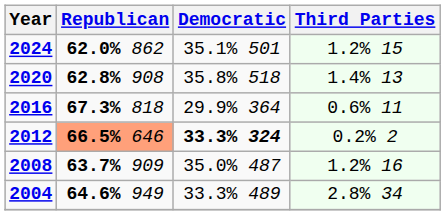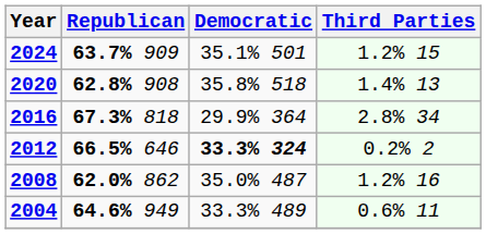 <table class="wikitable" style="float:right; font-size:95%;">
 <tr>
 <th>Year</th>
 <th><a href='#'>Republican</a></th>
 <th><a href='#'>Democratic</a></th>
 <th><a href='#'>Third Parties</a></th>
 </tr>
 <tr>
 <td style="text-align:center;" ><strong><a href='#'>2024</a></strong></td>
-<td style="text-align:center;" ><strong>62.0%</strong> <em>862</em></td>
+<td style="text-align:center;" ><strong>63.7%</strong> <em>909</em></td>
 <td style="text-align:center;" >35.1%  <em>501</em></td>
 <td style="text-align:center; background:honeyDew;">1.2% <em>15</em></td>
 </tr>
 <tr>
 <td style="text-align:center;" ><strong><a href='#'>2020</a></strong></td>
 <td style="text-align:center;" ><strong>62.8%</strong> <em>908</em></td>
 <td style="text-align:center;" >35.8%  <em>518</em></td>
 <td style="text-align:center; background:honeyDew;">1.4% <em>13</em></td>
 </tr>
 <tr>
 <td style="text-align:center;" ><strong><a href='#'>2016</a></strong></td>
 <td style="text-align:center;" ><strong>67.3%</strong> <em>818</em></td>
 <td style="text-align:center;" >29.9% <em>364</em></td>
-<td style="text-align:center; background:honeyDew;">0.6% <em>11</em></td>
+<td style="text-align:center; background:honeyDew;">2.8% <em>34</em></td>
 </tr>
 <tr>
 <td style="text-align:center;" ><strong><a href='#'>2012</a></strong></td>
-<td style="background: lightsalmon; text-align:center;" ><strong>66.5%</strong> <em>646</em></td>
+<td style="text-align:center;" ><strong>66.5%</strong> <em>646</em></td>
 <td style="text-align:center;" ><strong>33.3%  <em>324</em></strong></td>
 <td style="text-align:center; background:honeyDew;">0.2% <em>2</em></td>
 </tr>
 <tr>
 <td style="text-align:center;" ><strong><a href='#'>2008</a></strong></td>
-<td style="text-align:center;" ><strong>63.7%</strong> <em>909</em></td>
+<td style="text-align:center;" ><strong>62.0%</strong> <em>862</em></td>
 <td style="text-align:center;" >35.0%  <em>487</em></td>
 <td style="text-align:center; background:honeyDew;">1.2% <em>16</em></td>
 </tr>
 <tr>
 <td style="text-align:center;" ><strong><a href='#'>2004</a></strong></td>
 <td style="text-align:center;" ><strong>64.6%</strong> <em>949</em></td>
 <td style="text-align:center;" >33.3%   <em>489</em></td>
-<td style="text-align:center; background:honeyDew;">2.8% <em>34</em></td>
+<td style="text-align:center; background:honeyDew;">0.6% <em>11</em></td>
 </tr>
 <tr>
 </tr>
 </table>
